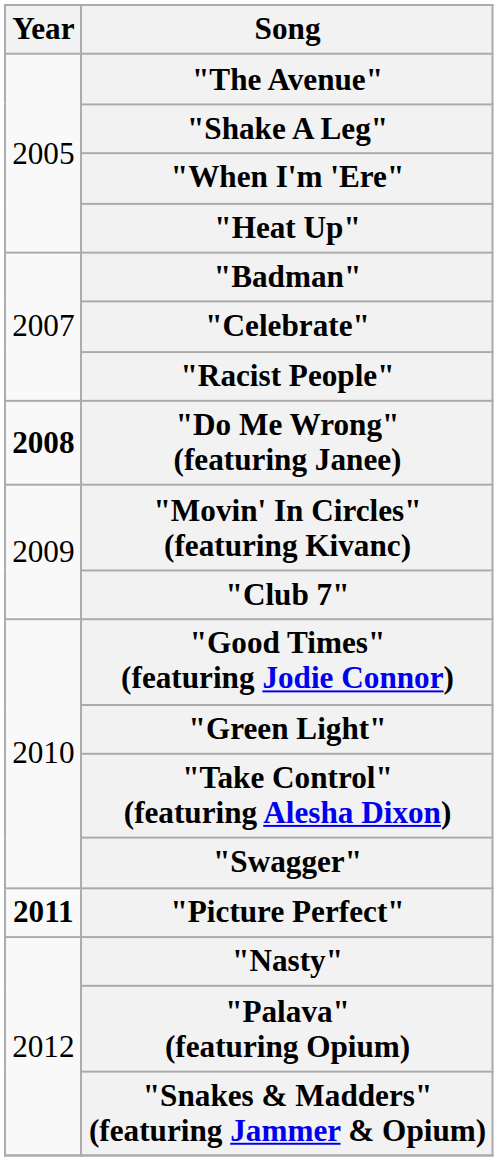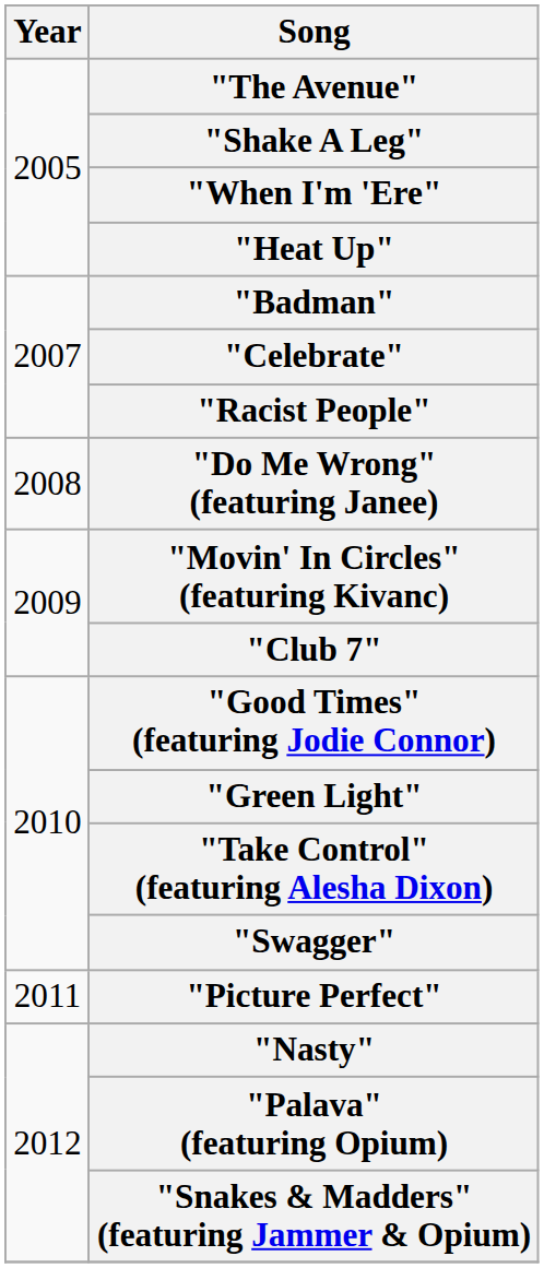 <table class="wikitable plainrowheaders" style="text-align:center;">
 <tr>
 <th scope="col">Year</th>
 <th scope="col">Song</th>
 </tr>
 <tr>
 <td rowspan="4">2005</td>
 <th scope="row">"The Avenue"</th>
 </tr>
 <tr>
 <th scope="row">"Shake A Leg"</th>
 </tr>
 <tr>
 <th scope="row">"When I'm 'Ere"</th>
 </tr>
 <tr>
 <th scope="row">"Heat Up"</th>
 </tr>
 <tr>
 <td rowspan="3">2007</td>
 <th scope="row">"Badman"</th>
 </tr>
 <tr>
 <th scope="row">"Celebrate"</th>
 </tr>
 <tr>
 <th scope="row">"Racist People"</th>
 </tr>
 <tr>
-<td><strong>2008</strong></td>
+<td>2008</td>
 <th scope="row">"Do Me Wrong"<br><span>(featuring Janee)</span></th>
 </tr>
 <tr>
 <td rowspan="2">2009</td>
 <th scope="row">"Movin' In Circles"<br><span>(featuring Kivanc)</span></th>
 </tr>
 <tr>
 <th scope="row">"Club 7"</th>
 </tr>
 <tr>
 <td rowspan="4">2010</td>
 <th scope="row">"Good Times"<br><span>(featuring <a href='#'>Jodie Connor</a>)</span></th>
 </tr>
 <tr>
 <th scope="row">"Green Light"</th>
 </tr>
 <tr>
 <th scope="row">"Take Control"<br><span>(featuring <a href='#'>Alesha Dixon</a>)</span></th>
 </tr>
 <tr>
 <th scope="row">"Swagger"</th>
 </tr>
 <tr>
-<td rowspan="1"><strong>2011</strong></td>
+<td rowspan="1">2011</td>
 <th scope="row">"Picture Perfect"</th>
 </tr>
 <tr>
 <td rowspan="3">2012</td>
 <th scope="row">"Nasty"</th>
 </tr>
 <tr>
 <th scope="row">"Palava"<br><span>(featuring Opium)</span></th>
 </tr>
 <tr>
 <th scope="row">"Snakes & Madders"<br><span>(featuring <a href='#'>Jammer</a> & Opium)</span></th>
 </tr>
 <tr>
 </tr>
 </table>
